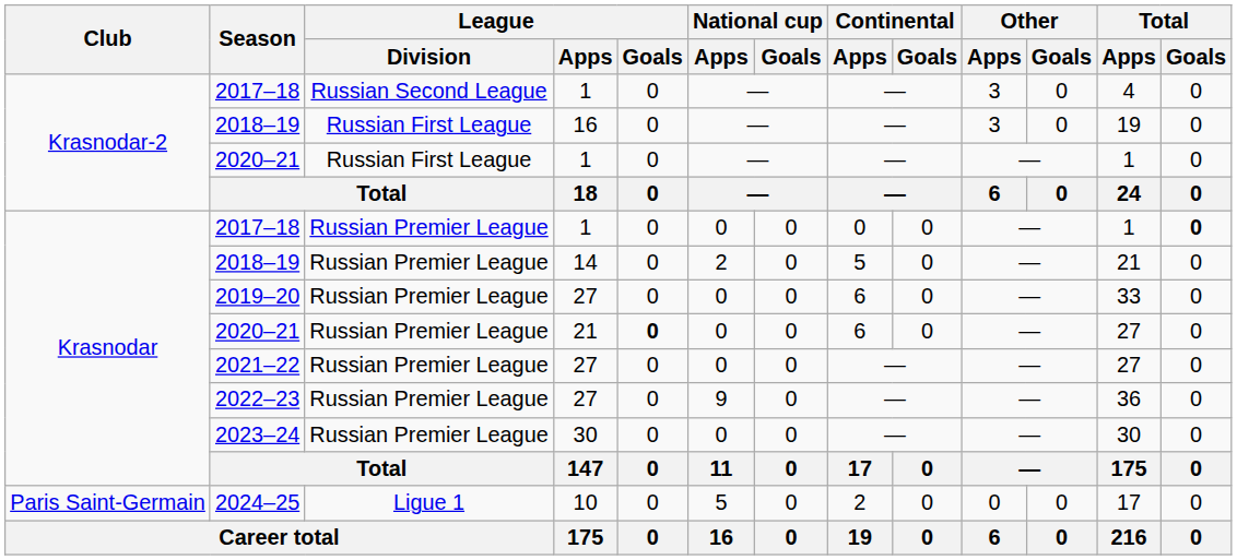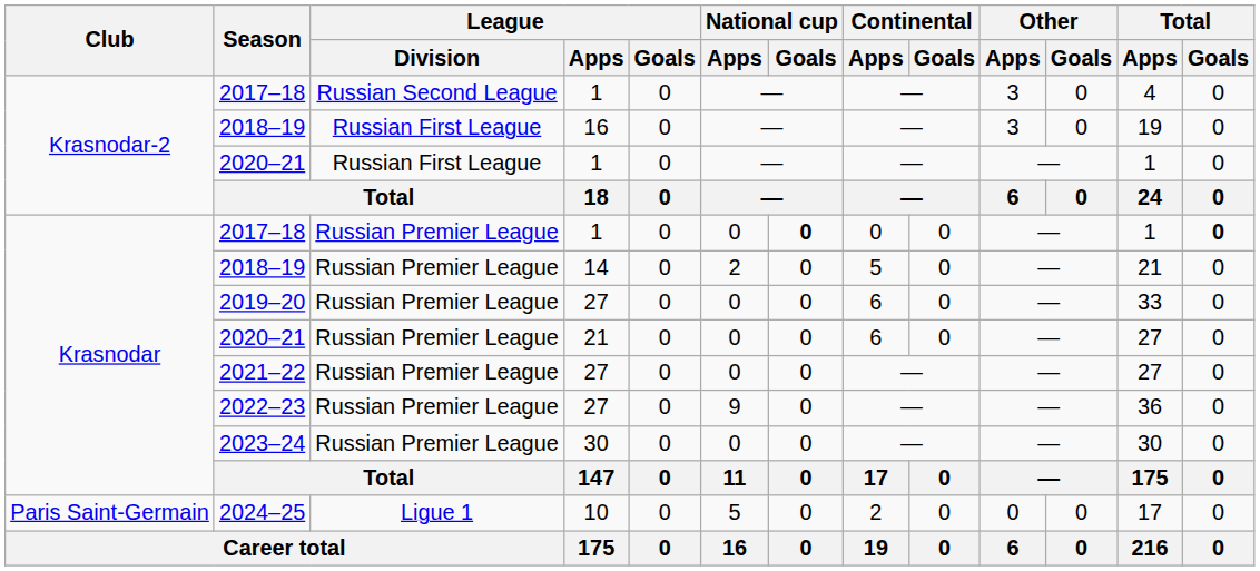 <table class="wikitable" style="text-align: center;">
 <tr>
 <th rowspan=2>Club</th>
 <th rowspan=2>Season</th>
 <th colspan=3>League</th>
 <th colspan=2>National cup</th>
 <th colspan=2>Continental</th>
 <th colspan=2>Other</th>
 <th colspan=2>Total</th>
 </tr>
 <tr>
 <th>Division</th>
 <th>Apps</th>
 <th>Goals</th>
 <th>Apps</th>
 <th>Goals</th>
 <th>Apps</th>
 <th>Goals</th>
 <th>Apps</th>
 <th>Goals</th>
 <th>Apps</th>
 <th>Goals</th>
 </tr>
 <tr>
 <td rowspan=4><a href='#'>Krasnodar-2</a></td>
 <td><a href='#'>2017–18</a></td>
 <td><a href='#'>Russian Second League</a></td>
 <td>1</td>
 <td>0</td>
 <td colspan=2>—</td>
 <td colspan=2>—</td>
 <td>3</td>
 <td>0</td>
 <td>4</td>
 <td>0</td>
 </tr>
 <tr>
 <td><a href='#'>2018–19</a></td>
 <td><a href='#'>Russian First League</a></td>
 <td>16</td>
 <td>0</td>
 <td colspan=2>—</td>
 <td colspan=2>—</td>
 <td>3</td>
 <td>0</td>
 <td>19</td>
 <td>0</td>
 </tr>
 <tr>
 <td><a href='#'>2020–21</a></td>
 <td>Russian First League</td>
 <td>1</td>
 <td>0</td>
 <td colspan=2>—</td>
 <td colspan=2>—</td>
 <td colspan=2>—</td>
 <td>1</td>
 <td>0</td>
 </tr>
 <tr>
 <th colspan=2>Total</th>
 <th>18</th>
 <th>0</th>
 <th colspan=2>—</th>
 <th colspan=2>—</th>
 <th>6</th>
 <th>0</th>
 <th>24</th>
 <th>0</th>
 </tr>
 <tr>
 <td rowspan=8><a href='#'>Krasnodar</a></td>
 <td><a href='#'>2017–18</a></td>
 <td><a href='#'>Russian Premier League</a></td>
 <td>1</td>
 <td>0</td>
 <td>0</td>
-<td>0</td>
+<td><strong>0</strong></td>
 <td>0</td>
 <td>0</td>
 <td colspan=2>—</td>
 <td>1</td>
 <td><strong>0</strong></td>
 </tr>
 <tr>
 <td><a href='#'>2018–19</a></td>
 <td>Russian Premier League</td>
 <td>14</td>
 <td>0</td>
 <td>2</td>
 <td>0</td>
 <td>5</td>
 <td>0</td>
 <td colspan=2>—</td>
 <td>21</td>
 <td>0</td>
 </tr>
 <tr>
 <td><a href='#'>2019–20</a></td>
 <td>Russian Premier League</td>
 <td>27</td>
 <td>0</td>
 <td>0</td>
 <td>0</td>
 <td>6</td>
 <td>0</td>
 <td colspan=2>—</td>
 <td>33</td>
 <td>0</td>
 </tr>
 <tr>
 <td><a href='#'>2020–21</a></td>
 <td>Russian Premier League</td>
 <td>21</td>
-<td><strong>0</strong></td>
+<td>0</td>
 <td>0</td>
 <td>0</td>
 <td>6</td>
 <td>0</td>
 <td colspan=2>—</td>
 <td>27</td>
 <td>0</td>
 </tr>
 <tr>
 <td><a href='#'>2021–22</a></td>
 <td>Russian Premier League</td>
 <td>27</td>
 <td>0</td>
 <td>0</td>
 <td>0</td>
 <td colspan=2>—</td>
 <td colspan=2>—</td>
 <td>27</td>
 <td>0</td>
 </tr>
 <tr>
 <td><a href='#'>2022–23</a></td>
 <td>Russian Premier League</td>
 <td>27</td>
 <td>0</td>
 <td>9</td>
 <td>0</td>
 <td colspan=2>—</td>
 <td colspan=2>—</td>
 <td>36</td>
 <td>0</td>
 </tr>
 <tr>
 <td><a href='#'>2023–24</a></td>
 <td>Russian Premier League</td>
 <td>30</td>
 <td>0</td>
 <td>0</td>
 <td>0</td>
 <td colspan=2>—</td>
 <td colspan=2>—</td>
 <td>30</td>
 <td>0</td>
 </tr>
 <tr>
 <th colspan=2>Total</th>
 <th>147</th>
 <th>0</th>
 <th>11</th>
 <th>0</th>
 <th>17</th>
 <th>0</th>
 <th colspan=2>—</th>
 <th>175</th>
 <th>0</th>
 </tr>
 <tr>
 <td><a href='#'>Paris Saint-Germain</a></td>
 <td><a href='#'>2024–25</a></td>
 <td><a href='#'>Ligue 1</a></td>
 <td>10</td>
 <td>0</td>
 <td>5</td>
 <td>0</td>
 <td>2</td>
 <td>0</td>
 <td>0</td>
 <td>0</td>
 <td>17</td>
 <td>0</td>
 </tr>
 <tr>
 <th colspan=3>Career total</th>
 <th>175</th>
 <th>0</th>
 <th>16</th>
 <th>0</th>
 <th>19</th>
 <th>0</th>
 <th>6</th>
 <th>0</th>
 <th>216</th>
 <th>0</th>
 </tr>
 </table>
